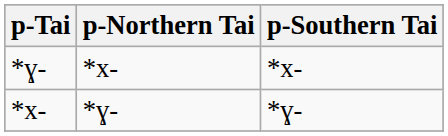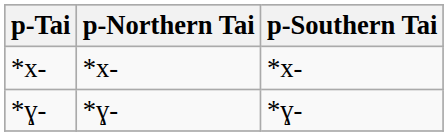 <table class="wikitable">
 <tr>
 <th>p-Tai</th>
 <th>p-Northern Tai</th>
 <th>p-Southern Tai</th>
 </tr>
 <tr>
-<td>*ɣ-</td>
+<td>*x-</td>
 <td>*x-</td>
 <td>*x-</td>
 </tr>
 <tr>
-<td>*x-</td>
+<td>*ɣ-</td>
 <td>*ɣ-</td>
 <td>*ɣ-</td>
 </tr>
 </table>
